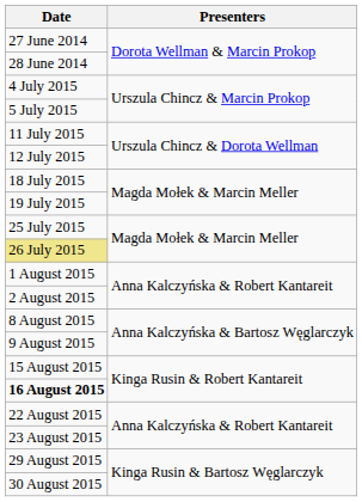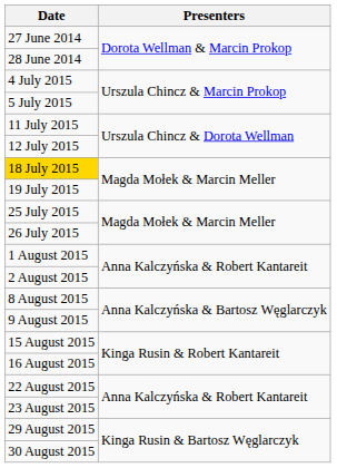 <table class="wikitable" style="font-size:100%;">
 <tr>
 <th>Date</th>
 <th>Presenters</th>
 </tr>
 <tr>
 <td>27 June 2014</td>
 <td rowspan=2><a href='#'>Dorota Wellman</a> & <a href='#'>Marcin Prokop</a></td>
 </tr>
 <tr>
 <td>28 June 2014</td>
 </tr>
 <tr>
 <td>4 July 2015</td>
 <td rowspan=2>Urszula Chincz & <a href='#'>Marcin Prokop</a></td>
 </tr>
 <tr>
 <td>5 July 2015</td>
 </tr>
 <tr>
 <td>11 July 2015</td>
 <td rowspan=2>Urszula Chincz & <a href='#'>Dorota Wellman</a></td>
 </tr>
 <tr>
 <td>12 July 2015</td>
 </tr>
 <tr>
-<td>18 July 2015</td>
+<td style="background: gold;">18 July 2015</td>
 <td rowspan=2>Magda Mołek & Marcin Meller</td>
 </tr>
 <tr>
 <td>19 July 2015</td>
 </tr>
 <tr>
 <td>25 July 2015</td>
 <td rowspan=2>Magda Mołek & Marcin Meller</td>
 </tr>
 <tr>
-<td style="background: khaki;">26 July 2015</td>
+<td>26 July 2015</td>
 </tr>
 <tr>
 <td>1 August 2015</td>
 <td rowspan=2>Anna Kalczyńska & Robert Kantareit</td>
 </tr>
 <tr>
 <td>2 August 2015</td>
 </tr>
 <tr>
 <td>8 August 2015</td>
 <td rowspan=2>Anna Kalczyńska & Bartosz Węglarczyk</td>
 </tr>
 <tr>
 <td>9 August 2015</td>
 </tr>
 <tr>
 <td>15 August 2015</td>
 <td rowspan=2>Kinga Rusin & Robert Kantareit</td>
 </tr>
 <tr>
-<td><strong>16 August 2015</strong></td>
+<td>16 August 2015</td>
 </tr>
 <tr>
 <td>22 August 2015</td>
 <td rowspan=2>Anna Kalczyńska & Robert Kantareit</td>
 </tr>
 <tr>
 <td>23 August 2015</td>
 </tr>
 <tr>
 <td>29 August 2015</td>
 <td rowspan=2>Kinga Rusin & Bartosz Węglarczyk</td>
 </tr>
 <tr>
 <td>30 August 2015</td>
 </tr>
 </table>
